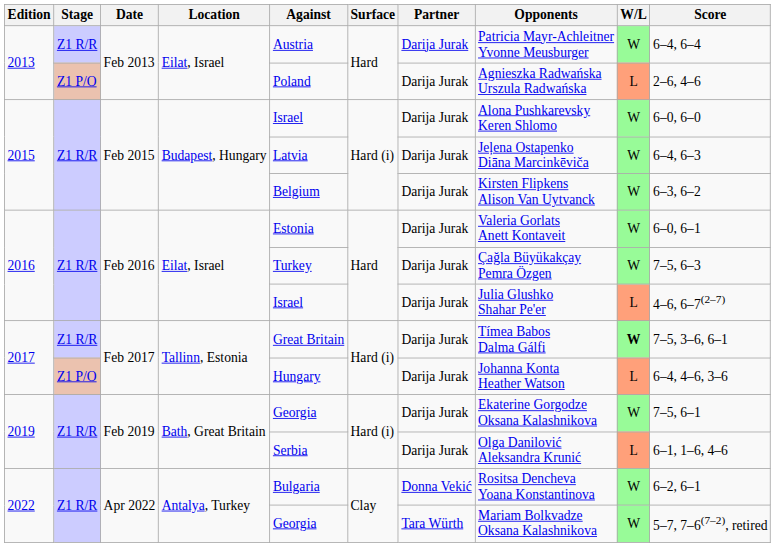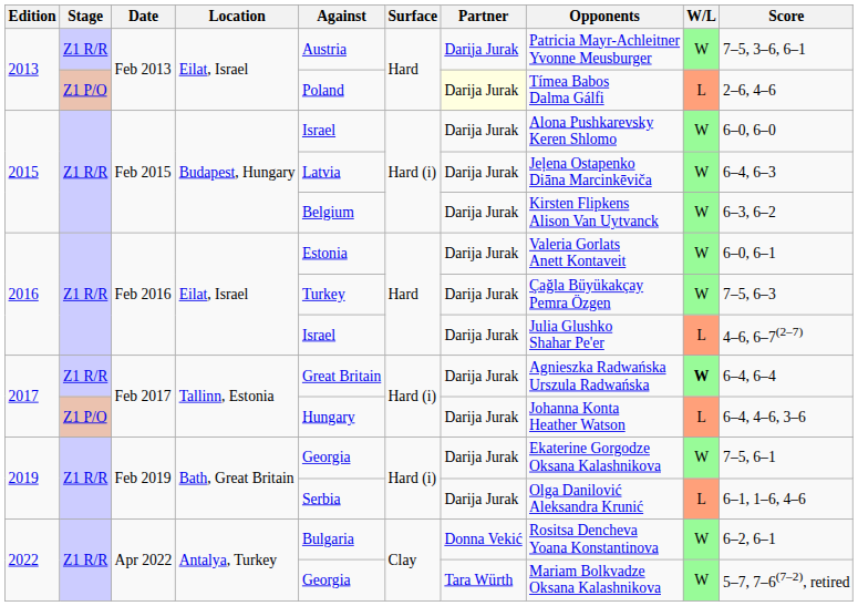 <table class=wikitable>
 <tr>
 <th>Edition</th>
 <th>Stage</th>
 <th>Date</th>
 <th>Location</th>
 <th>Against</th>
 <th>Surface</th>
 <th>Partner</th>
 <th>Opponents</th>
 <th>W/L</th>
 <th>Score</th>
 </tr>
 <tr>
 <td rowspan="2"><a href='#'>2013</a></td>
 <td style="background:#ccf;" rowspan="1"><a href='#'>Z1 R/R</a></td>
 <td rowspan="2">Feb 2013</td>
 <td rowspan="2"><a href='#'>Eilat</a>, Israel</td>
 <td> <a href='#'>Austria</a></td>
 <td rowspan="2">Hard</td>
 <td><a href='#'>Darija Jurak</a></td>
 <td><a href='#'>Patricia Mayr-Achleitner</a><br><a href='#'>Yvonne Meusburger</a></td>
 <td style="text-align:center; background:#98fb98;">W</td>
-<td>6–4, 6–4</td>
+<td>7–5, 3–6, 6–1</td>
 </tr>
 <tr>
 <td style="background:#ebc2af;"><a href='#'>Z1 P/O</a></td>
 <td> <a href='#'>Poland</a></td>
-<td>Darija Jurak</td>
-<td><a href='#'>Agnieszka Radwańska</a><br><a href='#'>Urszula Radwańska</a></td>
+<td style="background: lightyellow;">Darija Jurak</td>
+<td><a href='#'>Tímea Babos</a><br><a href='#'>Dalma Gálfi</a></td>
 <td style="text-align:center; background:#ffa07a;">L</td>
 <td>2–6, 4–6</td>
 </tr>
 <tr>
 <td rowspan="3"><a href='#'>2015</a></td>
 <td style="background:#ccf;" rowspan="3"><a href='#'>Z1 R/R</a></td>
 <td rowspan="3">Feb 2015</td>
 <td rowspan="3"><a href='#'>Budapest</a>, Hungary</td>
 <td> <a href='#'>Israel</a></td>
 <td rowspan="3">Hard (i)</td>
 <td>Darija Jurak</td>
 <td><a href='#'>Alona Pushkarevsky</a><br><a href='#'>Keren Shlomo</a></td>
 <td style="text-align:center; background:#98fb98;">W</td>
 <td>6–0, 6–0</td>
 </tr>
 <tr>
 <td> <a href='#'>Latvia</a></td>
 <td>Darija Jurak</td>
 <td><a href='#'>Jeļena Ostapenko</a><br><a href='#'>Diāna Marcinkēviča</a></td>
 <td style="text-align:center; background:#98fb98;">W</td>
 <td>6–4, 6–3</td>
 </tr>
 <tr>
 <td> <a href='#'>Belgium</a></td>
 <td>Darija Jurak</td>
 <td><a href='#'>Kirsten Flipkens</a><br><a href='#'>Alison Van Uytvanck</a></td>
 <td style="text-align:center; background:#98fb98;">W</td>
 <td>6–3, 6–2</td>
 </tr>
 <tr>
 <td rowspan="3"><a href='#'>2016</a></td>
 <td style="background:#ccf;" rowspan="3"><a href='#'>Z1 R/R</a></td>
 <td rowspan="3">Feb 2016</td>
 <td rowspan="3"><a href='#'>Eilat</a>, Israel</td>
 <td> <a href='#'>Estonia</a></td>
 <td rowspan="3">Hard</td>
 <td>Darija Jurak</td>
 <td><a href='#'>Valeria Gorlats</a><br><a href='#'>Anett Kontaveit</a></td>
 <td style="text-align:center; background:#98fb98;">W</td>
 <td>6–0, 6–1</td>
 </tr>
 <tr>
 <td> <a href='#'>Turkey</a></td>
 <td>Darija Jurak</td>
 <td><a href='#'>Çağla Büyükakçay</a><br><a href='#'>Pemra Özgen</a></td>
 <td style="text-align:center; background:#98fb98;">W</td>
 <td>7–5, 6–3</td>
 </tr>
 <tr>
 <td> <a href='#'>Israel</a></td>
 <td>Darija Jurak</td>
 <td><a href='#'>Julia Glushko</a><br><a href='#'>Shahar Pe'er</a></td>
 <td style="text-align:center; background:#ffa07a;">L</td>
 <td>4–6, 6–7<sup>(2–7)</sup></td>
 </tr>
 <tr>
 <td rowspan="2"><a href='#'>2017</a></td>
 <td style="background:#ccf;"><a href='#'>Z1 R/R</a></td>
 <td rowspan="2">Feb 2017</td>
 <td rowspan="2"><a href='#'>Tallinn</a>, Estonia</td>
 <td> <a href='#'>Great Britain</a></td>
 <td rowspan="2">Hard (i)</td>
 <td>Darija Jurak</td>
-<td><a href='#'>Tímea Babos</a><br><a href='#'>Dalma Gálfi</a></td>
+<td><a href='#'>Agnieszka Radwańska</a><br><a href='#'>Urszula Radwańska</a></td>
 <td style="text-align:center; background:#98fb98;"><strong>W</strong></td>
-<td>7–5, 3–6, 6–1</td>
+<td>6–4, 6–4</td>
 </tr>
 <tr>
 <td style="background:#ebc2af;"><a href='#'>Z1 P/O</a></td>
 <td> <a href='#'>Hungary</a></td>
 <td>Darija Jurak</td>
 <td><a href='#'>Johanna Konta</a><br><a href='#'>Heather Watson</a></td>
 <td style="text-align:center; background:#ffa07a;">L</td>
 <td>6–4, 4–6, 3–6</td>
 </tr>
 <tr>
 <td rowspan="2"><a href='#'>2019</a></td>
 <td style="background:#ccf;" rowspan="2"><a href='#'>Z1 R/R</a></td>
 <td rowspan="2">Feb 2019</td>
 <td rowspan="2"><a href='#'>Bath</a>, Great Britain</td>
 <td> <a href='#'>Georgia</a></td>
 <td rowspan="2">Hard (i)</td>
 <td>Darija Jurak</td>
 <td><a href='#'>Ekaterine Gorgodze</a><br><a href='#'>Oksana Kalashnikova</a></td>
 <td style="text-align:center; background:#98fb98;">W</td>
 <td>7–5, 6–1</td>
 </tr>
 <tr>
 <td> <a href='#'>Serbia</a></td>
 <td>Darija Jurak</td>
 <td><a href='#'>Olga Danilović</a><br><a href='#'>Aleksandra Krunić</a></td>
 <td style="text-align:center; background:#ffa07a;">L</td>
 <td>6–1, 1–6, 4–6</td>
 </tr>
 <tr>
 <td rowspan="2"><a href='#'>2022</a></td>
 <td style="background:#ccf;" rowspan="2"><a href='#'>Z1 R/R</a></td>
 <td rowspan="2">Apr 2022</td>
 <td rowspan="2"><a href='#'>Antalya</a>, Turkey</td>
 <td> <a href='#'>Bulgaria</a></td>
 <td rowspan="2">Clay</td>
 <td><a href='#'>Donna Vekić</a></td>
 <td><a href='#'>Rositsa Dencheva</a><br><a href='#'>Yoana Konstantinova</a></td>
 <td style="text-align:center; background:#98fb98;">W</td>
 <td>6–2, 6–1</td>
 </tr>
 <tr>
 <td> <a href='#'>Georgia</a></td>
 <td><a href='#'>Tara Würth</a></td>
 <td><a href='#'>Mariam Bolkvadze</a><br><a href='#'>Oksana Kalashnikova</a></td>
 <td style="text-align:center; background:#98fb98;">W</td>
 <td>5–7, 7–6<sup>(7–2)</sup>, retired</td>
 </tr>
 </table>
